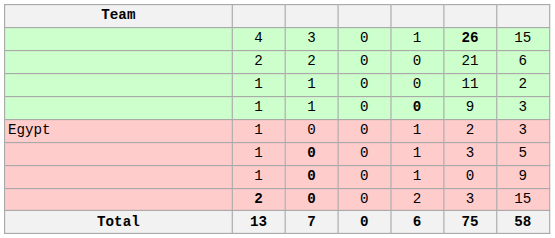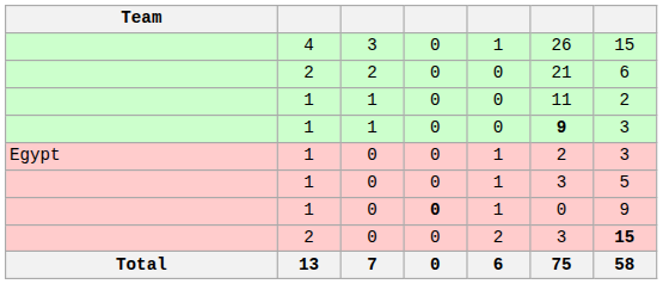 <table class="wikitable" style="font-size:95%; text-align:center">
 <tr>
 <th width=192>Team</th>
 <th width=40></th>
 <th width=40></th>
 <th width=40></th>
 <th width=40></th>
 <th width=40></th>
 <th width=40></th>
 </tr>
 <tr style="background:#ccffcc;">
 <td style="text-align:left;"></td>
 <td>4</td>
 <td>3</td>
 <td>0</td>
 <td>1</td>
-<td><strong>26</strong></td>
+<td>26</td>
 <td>15</td>
 </tr>
 <tr style="background:#ccffcc;">
 <td style="text-align:left;"></td>
 <td>2</td>
 <td>2</td>
 <td>0</td>
 <td>0</td>
 <td>21</td>
 <td>6</td>
 </tr>
 <tr style="background:#ccffcc;">
 <td style="text-align:left;"></td>
 <td>1</td>
 <td>1</td>
 <td>0</td>
 <td>0</td>
 <td>11</td>
 <td>2</td>
 </tr>
 <tr style="background:#ccffcc;">
 <td style="text-align:left;"></td>
 <td>1</td>
 <td>1</td>
 <td>0</td>
-<td><strong>0</strong></td>
-<td>9</td>
+<td>0</td>
+<td><strong>9</strong></td>
 <td>3</td>
 </tr>
 <tr style="background:#ffcccc;">
 <td style="text-align:left;"> Egypt</td>
 <td>1</td>
 <td>0</td>
 <td>0</td>
 <td>1</td>
 <td>2</td>
 <td>3</td>
 </tr>
 <tr style="background:#ffcccc;">
 <td style="text-align:left;"></td>
 <td>1</td>
-<td><strong>0</strong></td>
+<td>0</td>
 <td>0</td>
 <td>1</td>
 <td>3</td>
 <td>5</td>
 </tr>
 <tr style="background:#ffcccc;">
 <td style="text-align:left;"></td>
 <td>1</td>
+<td>0</td>
 <td><strong>0</strong></td>
-<td>0</td>
 <td>1</td>
 <td>0</td>
 <td>9</td>
 </tr>
 <tr style="background:#ffcccc;">
 <td style="text-align:left;"></td>
-<td><strong>2</strong></td>
-<td><strong>0</strong></td>
+<td>2</td>
+<td>0</td>
 <td>0</td>
 <td>2</td>
 <td>3</td>
-<td>15</td>
+<td><strong>15</strong></td>
 </tr>
 <tr>
 <th>Total</th>
 <th>13</th>
 <th>7</th>
 <th>0</th>
 <th>6</th>
 <th>75</th>
 <th>58</th>
 </tr>
 </table>
